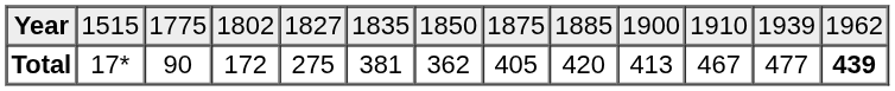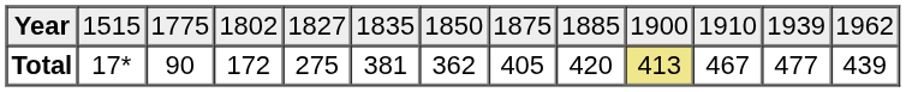 <table border="1" cellpadding="2" cellspacing="0" width="500">
 <tr bgcolor="#eeeeee" align="center">
 <td><strong>Year</strong></td>
 <td>1515</td>
 <td>1775</td>
 <td>1802</td>
 <td>1827</td>
 <td>1835</td>
 <td>1850</td>
 <td>1875</td>
 <td>1885</td>
 <td>1900</td>
 <td>1910</td>
 <td>1939</td>
 <td>1962</td>
 </tr>
 <tr align="center">
 <td><strong>Total</strong></td>
 <td>17*</td>
 <td>90</td>
 <td>172</td>
 <td>275</td>
 <td>381</td>
 <td>362</td>
 <td>405</td>
 <td>420</td>
-<td>413</td>
+<td style="background: khaki;">413</td>
 <td>467</td>
 <td>477</td>
-<td><strong>439</strong></td>
+<td>439</td>
 </tr>
 </table>
